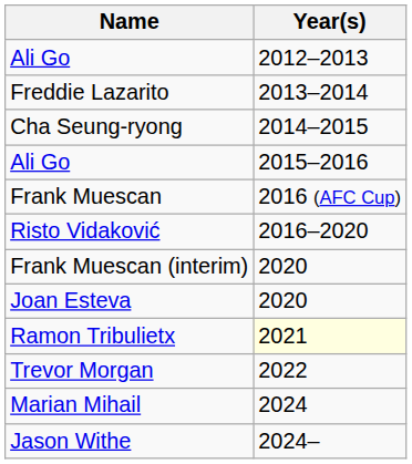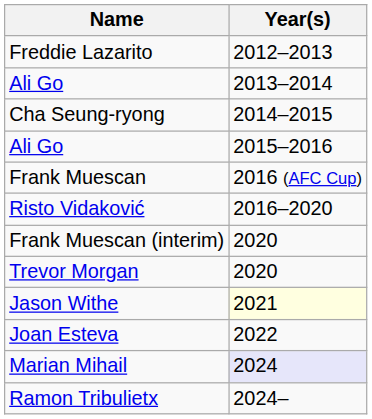 <table class="wikitable">
 <tr>
 <th>Name</th>
 <th>Year(s)</th>
 </tr>
 <tr>
-<td> <a href='#'>Ali Go</a></td>
+<td> Freddie Lazarito</td>
 <td>2012–2013</td>
 </tr>
 <tr>
-<td> Freddie Lazarito</td>
+<td> <a href='#'>Ali Go</a></td>
 <td>2013–2014</td>
 </tr>
 <tr>
 <td> Cha Seung-ryong</td>
 <td>2014–2015</td>
 </tr>
 <tr>
 <td> <a href='#'>Ali Go</a></td>
 <td>2015–2016</td>
 </tr>
 <tr>
 <td> Frank Muescan</td>
 <td>2016 <small>(<a href='#'>AFC Cup</a>)</small></td>
 </tr>
 <tr>
 <td> <a href='#'>Risto Vidaković</a></td>
 <td>2016–2020</td>
 </tr>
 <tr>
 <td> Frank Muescan (interim)</td>
 <td>2020</td>
 </tr>
 <tr>
-<td> <a href='#'>Joan Esteva</a></td>
+<td> <a href='#'>Trevor Morgan</a></td>
 <td>2020</td>
 </tr>
 <tr>
-<td> <a href='#'>Ramon Tribulietx</a></td>
+<td> <a href='#'>Jason Withe</a></td>
 <td style="background: lightyellow;">2021</td>
 </tr>
 <tr>
-<td> <a href='#'>Trevor Morgan</a></td>
+<td> <a href='#'>Joan Esteva</a></td>
 <td>2022</td>
 </tr>
 <tr>
 <td> <a href='#'>Marian Mihail</a></td>
-<td>2024</td>
+<td style="background: lavender;">2024</td>
 </tr>
 <tr>
-<td> <a href='#'>Jason Withe</a></td>
+<td> <a href='#'>Ramon Tribulietx</a></td>
 <td>2024–</td>
 </tr>
 </table>
